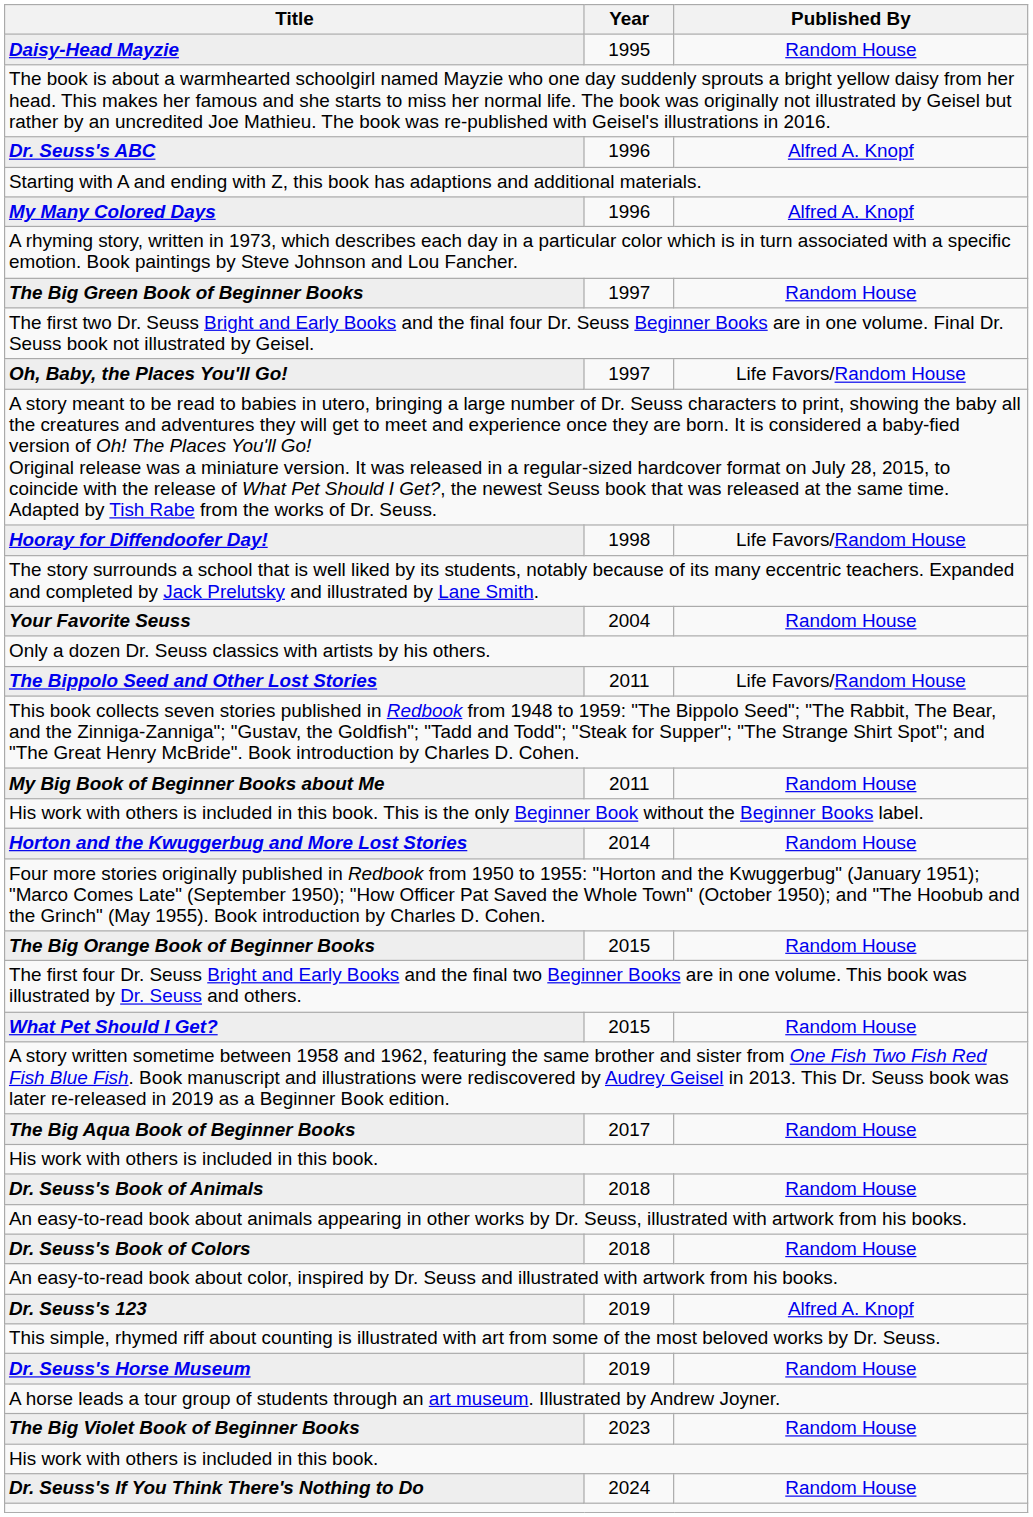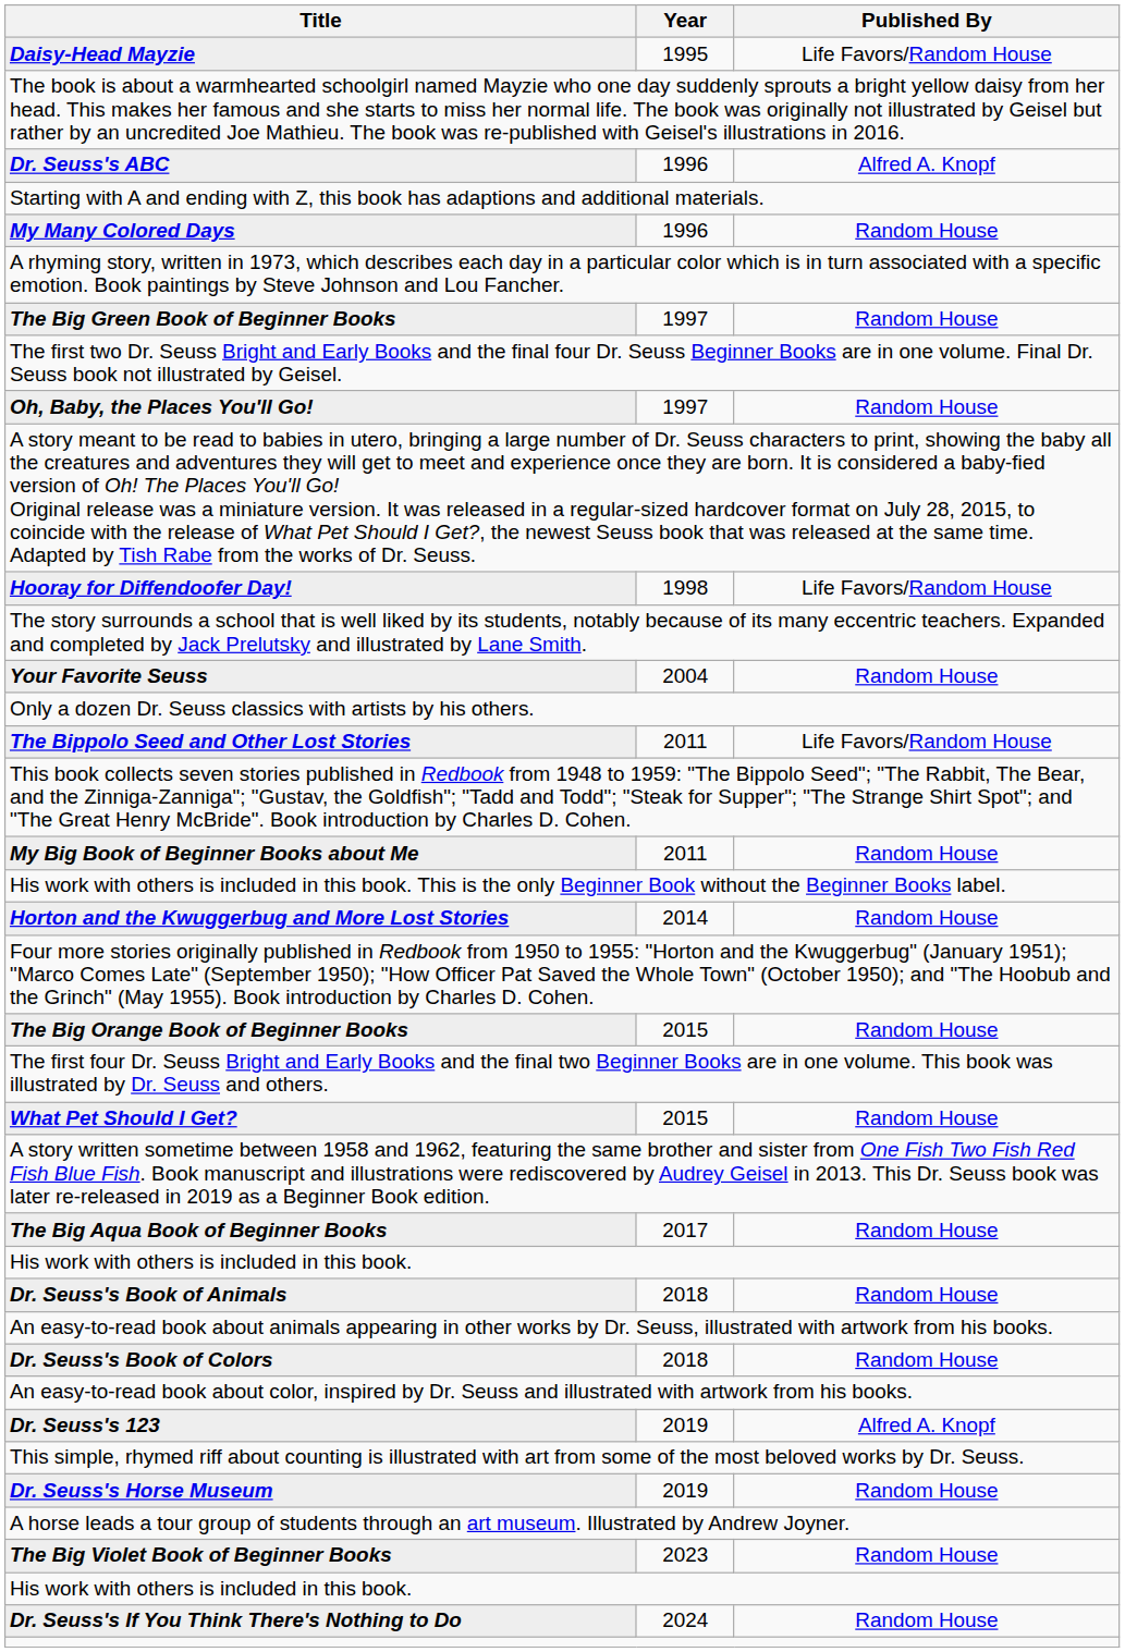 <table class="wikitable sortable" border="1" style="text-align:center;">
 <tr>
 <th>Title</th>
 <th>Year</th>
 <th>Published By</th>
 </tr>
 <tr>
 <td style="background-color:#EEEEEE; text-align:left;"><strong><em><a href='#'>Daisy-Head Mayzie</a></em></strong></td>
 <td>1995</td>
-<td><a href='#'>Random House</a></td>
+<td>Life Favors/<a href='#'>Random House</a></td>
 </tr>
 <tr class="expand-child">
 <td colspan=3 style="vertical-align:top; text-align:left;">The book is about a warmhearted schoolgirl named Mayzie who one day suddenly sprouts a bright yellow daisy from her head. This makes her famous and she starts to miss her normal life. The book was originally not illustrated by Geisel but rather by an uncredited Joe Mathieu. The book was re-published with Geisel's illustrations in 2016.</td>
 </tr>
 <tr>
 <td style="background-color:#EEEEEE; text-align:left;"><strong><em><a href='#'>Dr. Seuss's ABC</a></em></strong></td>
 <td>1996</td>
 <td><a href='#'>Alfred A. Knopf</a></td>
 </tr>
 <tr class="expand-child">
 <td colspan=3 style="vertical-align:top; text-align:left;">Starting with A and ending with Z, this book has adaptions and additional materials.</td>
 </tr>
 <tr>
 <td style="background-color:#EEEEEE; text-align:left;"><strong><em><a href='#'>My Many Colored Days</a></em></strong></td>
 <td>1996</td>
-<td><a href='#'>Alfred A. Knopf</a></td>
+<td><a href='#'>Random House</a></td>
 </tr>
 <tr class="expand-child">
 <td colspan=3 style="vertical-align:top; text-align:left;">A rhyming story, written in 1973, which describes each day in a particular color which is in turn associated with a specific emotion. Book paintings by Steve Johnson and Lou Fancher.</td>
 </tr>
 <tr>
 <td style="background-color:#EEEEEE; text-align:left;"><strong><em>The Big Green Book of Beginner Books</em></strong></td>
 <td>1997</td>
 <td><a href='#'>Random House</a></td>
 </tr>
 <tr class="expand-child">
 <td colspan=3 style="vertical-align:top; text-align:left;">The first two Dr. Seuss <a href='#'>Bright and Early Books</a> and the final four Dr. Seuss <a href='#'>Beginner Books</a> are in one volume. Final Dr. Seuss book not illustrated by Geisel.</td>
 </tr>
 <tr>
 <td style="background-color:#EEEEEE; text-align:left;"><strong><em>Oh, Baby, the Places You'll Go!</em></strong></td>
 <td>1997</td>
-<td>Life Favors/<a href='#'>Random House</a></td>
+<td><a href='#'>Random House</a></td>
 </tr>
 <tr class="expand-child">
 <td colspan=3 style="vertical-align:top; text-align:left;">A story meant to be read to babies in utero, bringing a large number of Dr. Seuss characters to print, showing the baby all the creatures and adventures they will get to meet and experience once they are born. It is considered a baby-fied version of <em>Oh! The Places You'll Go!</em><br>Original release was a miniature version.  It was released in a regular-sized hardcover format on July 28, 2015, to coincide with the release of <em>What Pet Should I Get?</em>, the newest Seuss book that was released at the same time. Adapted by <a href='#'>Tish Rabe</a> from the works of Dr. Seuss.</td>
 </tr>
 <tr>
 <td style="background-color:#EEEEEE; text-align:left;"><strong><em><a href='#'>Hooray for Diffendoofer Day!</a></em></strong></td>
 <td>1998</td>
 <td>Life Favors/<a href='#'>Random House</a></td>
 </tr>
 <tr class="expand-child">
 <td colspan=3 style="vertical-align:top; text-align:left;">The story surrounds a school that is well liked by its students, notably because of its many eccentric teachers. Expanded and completed by <a href='#'>Jack Prelutsky</a> and illustrated by <a href='#'>Lane Smith</a>.</td>
 </tr>
 <tr>
 <td style="background-color:#EEEEEE; text-align:left;"><strong><em>Your Favorite Seuss</em></strong></td>
 <td>2004</td>
 <td><a href='#'>Random House</a></td>
 </tr>
 <tr class="expand-child">
 <td colspan=3 style="vertical-align:top; text-align:left;">Only a dozen Dr. Seuss classics with artists by his others.</td>
 </tr>
 <tr>
 <td style="background-color:#EEEEEE; text-align:left;"><strong><em><a href='#'>The Bippolo Seed and Other Lost Stories</a></em></strong></td>
 <td>2011</td>
 <td>Life Favors/<a href='#'>Random House</a></td>
 </tr>
 <tr class="expand-child">
 <td colspan=3 style="vertical-align:top; text-align:left;">This book collects seven stories published in <em><a href='#'>Redbook</a></em> from 1948 to 1959: "The Bippolo Seed"; "The Rabbit, The Bear, and the Zinniga-Zanniga"; "Gustav, the Goldfish"; "Tadd and Todd"; "Steak for Supper"; "The Strange Shirt Spot"; and "The Great Henry McBride". Book introduction by Charles D. Cohen.</td>
 </tr>
 <tr>
 <td style="background-color:#EEEEEE; text-align:left;"><strong><em>My Big Book of Beginner Books about Me</em></strong></td>
 <td>2011</td>
 <td><a href='#'>Random House</a></td>
 </tr>
 <tr class="expand-child">
 <td colspan=3 style="vertical-align:top; text-align:left;">His work with others is included in this book. This is the only <a href='#'>Beginner Book</a> without the <a href='#'>Beginner Books</a> label.</td>
 </tr>
 <tr>
 <td style="background-color:#EEEEEE; text-align:left;"><strong><em><a href='#'>Horton and the Kwuggerbug and More Lost Stories</a></em></strong></td>
 <td>2014</td>
 <td><a href='#'>Random House</a></td>
 </tr>
 <tr class="expand-child">
 <td colspan=3 style="vertical-align:top; text-align:left;">Four more stories originally published in <em>Redbook</em> from 1950 to 1955: "Horton and the Kwuggerbug" (January 1951); "Marco Comes Late" (September 1950); "How Officer Pat Saved the Whole Town" (October 1950); and "The Hoobub and the Grinch" (May 1955). Book introduction by Charles D. Cohen.</td>
 </tr>
 <tr>
 <td style="background-color:#EEEEEE; text-align:left;"><strong><em>The Big Orange Book of Beginner Books</em></strong></td>
 <td>2015</td>
 <td><a href='#'>Random House</a></td>
 </tr>
 <tr class="expand-child">
 <td colspan=3 style="vertical-align:top; text-align:left;">The first four Dr. Seuss <a href='#'>Bright and Early Books</a> and the final two <a href='#'>Beginner Books</a> are in one volume. This book was illustrated by <a href='#'>Dr. Seuss</a> and others.</td>
 </tr>
 <tr>
 <td style="background-color:#EEEEEE; text-align:left;"><strong><em><a href='#'>What Pet Should I Get?</a></em></strong></td>
 <td>2015</td>
 <td><a href='#'>Random House</a></td>
 </tr>
 <tr class="expand-child">
 <td colspan=3 style="vertical-align:top; text-align:left;">A story written sometime between 1958 and 1962, featuring the same brother and sister from <em><a href='#'>One Fish Two Fish Red Fish Blue Fish</a></em>. Book manuscript and illustrations were rediscovered by <a href='#'>Audrey Geisel</a> in 2013. This Dr. Seuss book was later re-released in 2019 as a Beginner Book edition.</td>
 </tr>
 <tr>
 <td style="background-color:#EEEEEE; text-align:left;"><strong><em>The Big Aqua Book of Beginner Books</em></strong></td>
 <td>2017</td>
 <td><a href='#'>Random House</a></td>
 </tr>
 <tr class"expand-child">
 <td colspan=3 style="vertical-align:top; text-align:left;">His work with others is included in this book.</td>
 </tr>
 <tr>
 <td style="background-color:#EEEEEE; text-align:left;"><strong><em>Dr. Seuss's Book of Animals</em></strong></td>
 <td>2018</td>
 <td><a href='#'>Random House</a></td>
 </tr>
 <tr class"=expand-child">
 <td colspan=3 style="vertical-align:top; text-align:left;">An easy-to-read book about animals appearing in other works by Dr. Seuss, illustrated with artwork from his books.</td>
 </tr>
 <tr>
 <td style="background-color:#EEEEEE; text-align:left;"><strong><em>Dr. Seuss's Book of Colors</em></strong></td>
 <td>2018</td>
 <td><a href='#'>Random House</a></td>
 </tr>
 <tr class="expand-child">
 <td colspan=3 style="vertical-align:top; text-align:left;">An easy-to-read book about color, inspired by Dr. Seuss and illustrated with artwork from his books.</td>
 </tr>
 <tr>
 <td style="background-color:#EEEEEE; text-align:left;"><strong><em>Dr. Seuss's 123</em></strong></td>
 <td>2019</td>
 <td><a href='#'>Alfred A. Knopf</a></td>
 </tr>
 <tr class="expand-child">
 <td colspan=3 style="vertical-align:top; text-align:left;">This simple, rhymed riff about counting is illustrated with art from some of the most beloved works by Dr. Seuss.</td>
 </tr>
 <tr>
 <td style="background-color:#EEEEEE; text-align:left;"><strong><em><a href='#'>Dr. Seuss's Horse Museum</a></em></strong></td>
 <td>2019</td>
 <td><a href='#'>Random House</a></td>
 </tr>
 <tr class="expand-child">
 <td colspan=3 style="vertical-align:top; text-align:left;">A horse leads a tour group of students through an <a href='#'>art museum</a>. Illustrated by Andrew Joyner.</td>
 </tr>
 <tr>
 <td style="background-color:#EEEEEE; text-align:left;"><strong><em>The Big Violet Book of Beginner Books</em></strong></td>
 <td>2023</td>
 <td><a href='#'>Random House</a></td>
 </tr>
 <tr class="expand-child">
 <td colspan=3 style="vertical-align:top; text-align:left;">His work with others is included in this book.</td>
 </tr>
 <tr>
 <td style="background-color:#EEEEEE; text-align:left;"><strong><em>Dr. Seuss's If You Think There's Nothing to Do</em></strong></td>
 <td>2024</td>
 <td><a href='#'>Random House</a></td>
 </tr>
 <tr class="expand-child">
 <td colspan=3 style="vertical-align:top; text-align:left;"></td>
 </tr>
 </table>
